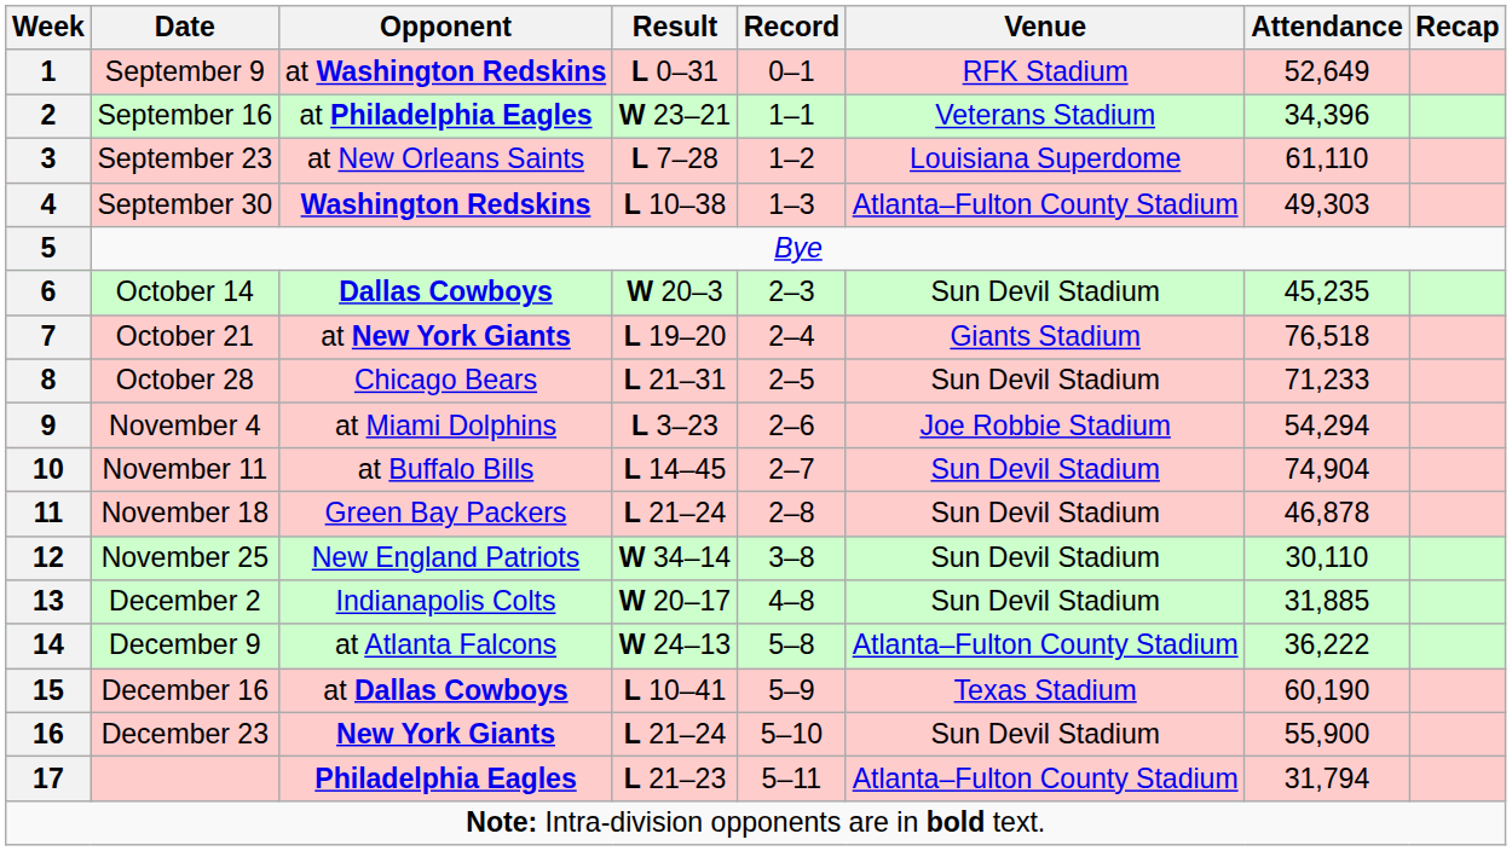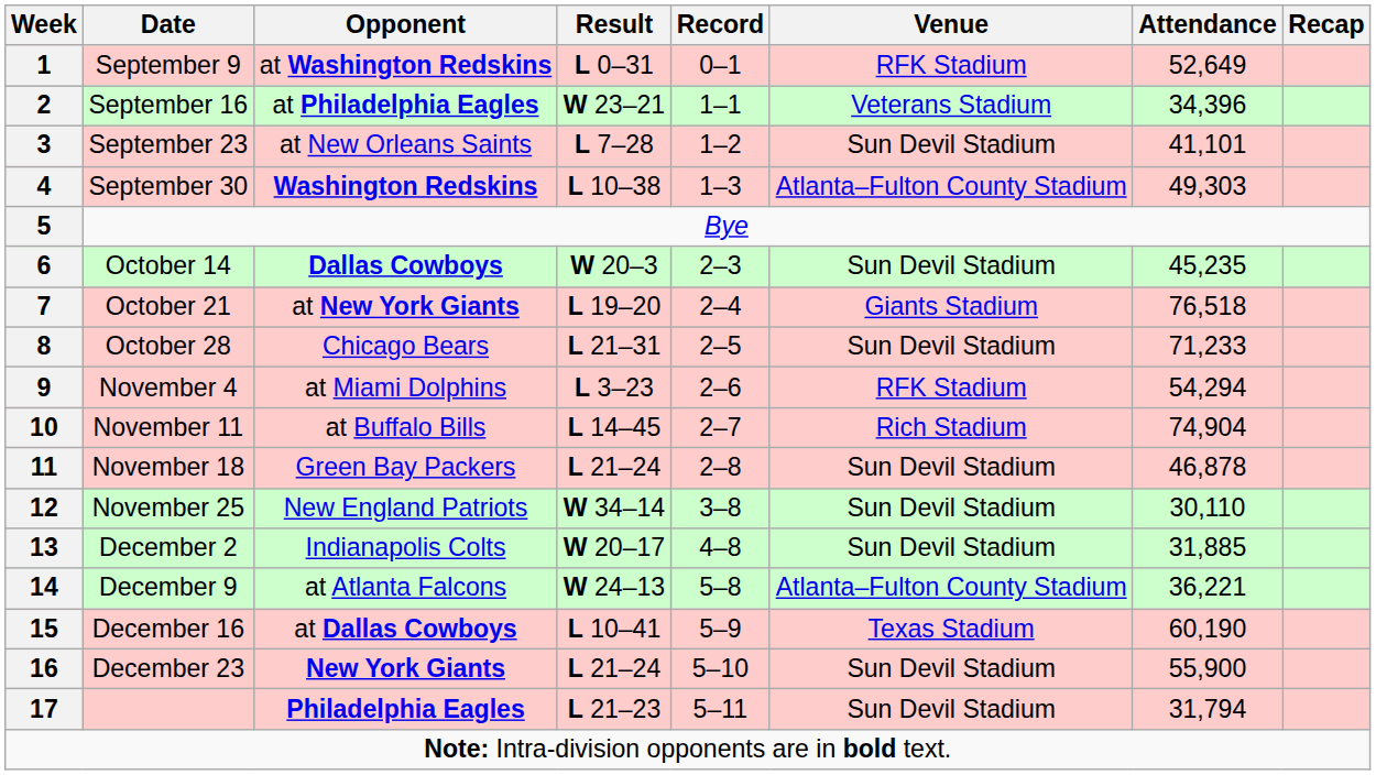 <table class="wikitable" style="text-align:center">
 <tr>
 <th>Week</th>
 <th>Date</th>
 <th>Opponent</th>
 <th>Result</th>
 <th>Record</th>
 <th>Venue</th>
 <th>Attendance</th>
 <th>Recap</th>
 </tr>
 <tr style="background:#fcc">
 <th>1</th>
 <td>September 9</td>
 <td>at <strong><a href='#'>Washington Redskins</a></strong></td>
 <td><strong>L</strong> 0–31</td>
 <td>0–1</td>
 <td><a href='#'>RFK Stadium</a></td>
 <td>52,649</td>
 <td></td>
 </tr>
 <tr style="background:#cfc">
 <th>2</th>
 <td>September 16</td>
 <td>at <strong><a href='#'>Philadelphia Eagles</a></strong></td>
 <td><strong>W</strong> 23–21</td>
 <td>1–1</td>
 <td><a href='#'>Veterans Stadium</a></td>
 <td>34,396</td>
 <td></td>
 </tr>
 <tr style="background:#fcc">
 <th>3</th>
 <td>September 23</td>
 <td>at <a href='#'>New Orleans Saints</a></td>
 <td><strong>L</strong> 7–28</td>
 <td>1–2</td>
-<td><a href='#'>Louisiana Superdome</a></td>
-<td>61,110</td>
+<td>Sun Devil Stadium</td>
+<td>41,101</td>
 <td></td>
 </tr>
 <tr style="background:#fcc">
 <th>4</th>
 <td>September 30</td>
 <td><strong><a href='#'>Washington Redskins</a></strong></td>
 <td><strong>L</strong> 10–38</td>
 <td>1–3</td>
 <td><a href='#'>Atlanta–Fulton County Stadium</a></td>
 <td>49,303</td>
 <td></td>
 </tr>
 <tr align="center">
 <th>5</th>
 <td colspan="7"><em><a href='#'>Bye</a></em></td>
 </tr>
 <tr style="background:#cfc">
 <th>6</th>
 <td>October 14</td>
 <td><strong><a href='#'>Dallas Cowboys</a></strong></td>
 <td><strong>W</strong> 20–3</td>
 <td>2–3</td>
 <td>Sun Devil Stadium</td>
 <td>45,235</td>
 <td></td>
 </tr>
 <tr style="background:#fcc">
 <th>7</th>
 <td>October 21</td>
 <td>at <strong><a href='#'>New York Giants</a></strong></td>
 <td><strong>L</strong> 19–20</td>
 <td>2–4</td>
 <td><a href='#'>Giants Stadium</a></td>
 <td>76,518</td>
 <td></td>
 </tr>
 <tr style="background:#fcc">
 <th>8</th>
 <td>October 28</td>
 <td><a href='#'>Chicago Bears</a></td>
 <td><strong>L</strong> 21–31</td>
 <td>2–5</td>
 <td>Sun Devil Stadium</td>
 <td>71,233</td>
 <td></td>
 </tr>
 <tr style="background:#fcc">
 <th>9</th>
 <td>November 4</td>
 <td>at <a href='#'>Miami Dolphins</a></td>
 <td><strong>L</strong> 3–23</td>
 <td>2–6</td>
-<td><a href='#'>Joe Robbie Stadium</a></td>
+<td><a href='#'>RFK Stadium</a></td>
 <td>54,294</td>
 <td></td>
 </tr>
 <tr style="background:#fcc">
 <th>10</th>
 <td>November 11</td>
 <td>at <a href='#'>Buffalo Bills</a></td>
 <td><strong>L</strong> 14–45</td>
 <td>2–7</td>
-<td><a href='#'>Sun Devil Stadium</a></td>
+<td><a href='#'>Rich Stadium</a></td>
 <td>74,904</td>
 <td></td>
 </tr>
 <tr style="background:#fcc">
 <th>11</th>
 <td>November 18</td>
 <td><a href='#'>Green Bay Packers</a></td>
 <td><strong>L</strong> 21–24</td>
 <td>2–8</td>
 <td>Sun Devil Stadium</td>
 <td>46,878</td>
 <td></td>
 </tr>
 <tr style="background:#cfc">
 <th>12</th>
 <td>November 25</td>
 <td><a href='#'>New England Patriots</a></td>
 <td><strong>W</strong> 34–14</td>
 <td>3–8</td>
 <td>Sun Devil Stadium</td>
 <td>30,110</td>
 <td></td>
 </tr>
 <tr style="background:#cfc">
 <th>13</th>
 <td>December 2</td>
 <td><a href='#'>Indianapolis Colts</a></td>
 <td><strong>W</strong> 20–17</td>
 <td>4–8</td>
 <td>Sun Devil Stadium</td>
 <td>31,885</td>
 <td></td>
 </tr>
 <tr style="background:#cfc">
 <th>14</th>
 <td>December 9</td>
 <td>at <a href='#'>Atlanta Falcons</a></td>
 <td><strong>W</strong> 24–13</td>
 <td>5–8</td>
 <td><a href='#'>Atlanta–Fulton County Stadium</a></td>
-<td>36,222</td>
+<td>36,221</td>
 <td></td>
 </tr>
 <tr style="background:#fcc">
 <th>15</th>
 <td>December 16</td>
 <td>at <strong><a href='#'>Dallas Cowboys</a></strong></td>
 <td><strong>L</strong> 10–41</td>
 <td>5–9</td>
 <td><a href='#'>Texas Stadium</a></td>
 <td>60,190</td>
 <td></td>
 </tr>
 <tr style="background:#fcc">
 <th>16</th>
 <td>December 23</td>
 <td><strong><a href='#'>New York Giants</a></strong></td>
 <td><strong>L</strong> 21–24</td>
 <td>5–10</td>
 <td>Sun Devil Stadium</td>
 <td>55,900</td>
 <td></td>
 </tr>
 <tr style="background:#fcc">
 <th>17</th>
 <td></td>
 <td><strong><a href='#'>Philadelphia Eagles</a></strong></td>
 <td><strong>L</strong> 21–23</td>
 <td>5–11</td>
-<td><a href='#'>Atlanta–Fulton County Stadium</a></td>
+<td>Sun Devil Stadium</td>
 <td>31,794</td>
 <td></td>
 </tr>
 <tr>
 <td colspan="8"><strong>Note:</strong> Intra-division opponents are in <strong>bold</strong> text.</td>
 </tr>
 </table>
